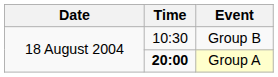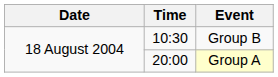 <table class = "wikitable" style="text-align:center;">
 <tr>
 <th width=150>Date</th>
 <th width=50>Time</th>
 <th width=80>Event</th>
 </tr>
 <tr>
 <td rowspan=2>18 August 2004</td>
 <td>10:30</td>
 <td>Group B</td>
 </tr>
 <tr>
-<td><strong>20:00</strong></td>
+<td>20:00</td>
 <td bgcolor=ffffcc>Group A</td>
 </tr>
 </table>
